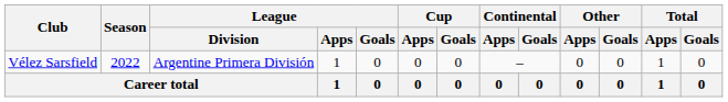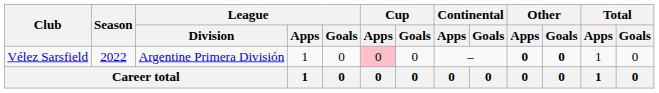 <table class="wikitable" style="text-align: center">
 <tr>
 <th rowspan="2">Club</th>
 <th rowspan="2">Season</th>
 <th colspan="3">League</th>
 <th colspan="2">Cup</th>
 <th colspan="2">Continental</th>
 <th colspan="2">Other</th>
 <th colspan="2">Total</th>
 </tr>
 <tr>
 <th>Division</th>
 <th>Apps</th>
 <th>Goals</th>
 <th>Apps</th>
 <th>Goals</th>
 <th>Apps</th>
 <th>Goals</th>
 <th>Apps</th>
 <th>Goals</th>
 <th>Apps</th>
 <th>Goals</th>
 </tr>
 <tr>
 <td><a href='#'>Vélez Sarsfield</a></td>
 <td><a href='#'>2022</a></td>
 <td><a href='#'>Argentine Primera División</a></td>
 <td>1</td>
 <td>0</td>
-<td>0</td>
+<td style="background: pink;">0</td>
 <td>0</td>
 <td colspan="2">–</td>
-<td>0</td>
-<td>0</td>
+<td><strong>0</strong></td>
+<td><strong>0</strong></td>
 <td>1</td>
 <td>0</td>
 </tr>
 <tr>
 <th colspan=3>Career total</th>
 <th>1</th>
 <th>0</th>
 <th>0</th>
 <th>0</th>
 <th>0</th>
 <th>0</th>
 <th>0</th>
 <th>0</th>
 <th>1</th>
 <th>0</th>
 </tr>
 </table>
